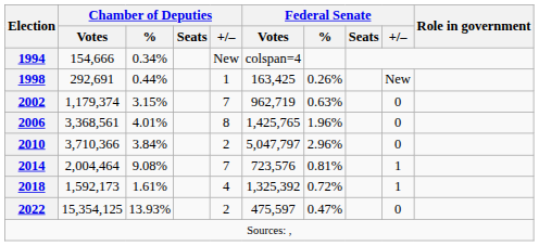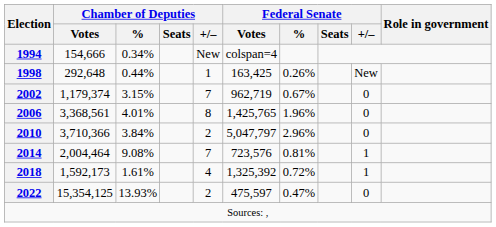 <table class=wikitable style=text-align:center>
 <tr>
 <th rowspan="2">Election</th>
 <th colspan="4"><a href='#'>Chamber of Deputies</a></th>
 <th colspan="4"><a href='#'>Federal Senate</a></th>
 <th rowspan="2"><strong>Role in government</strong></th>
 </tr>
 <tr>
 <th><strong>Votes</strong></th>
 <th><strong>%</strong></th>
 <th><strong>Seats</strong></th>
 <th>+/–</th>
 <th><strong>Votes</strong></th>
 <th><strong>%</strong></th>
 <th><strong>Seats</strong></th>
 <th>+/–</th>
 </tr>
 <tr>
 <th><a href='#'>1994</a></th>
 <td align="center">154,666</td>
 <td align="center">0.34%</td>
 <td style="text-align:center;"></td>
 <td>New</td>
 <td>colspan=4 </td>
 <td></td>
 </tr>
 <tr>
 <th><a href='#'>1998</a></th>
-<td align="center">292,691</td>
+<td align="center">292,648</td>
 <td align="center">0.44%</td>
 <td style="text-align:center;"></td>
 <td> 1</td>
 <td align="center">163,425</td>
 <td align="center">0.26%</td>
 <td style="text-align:center;"></td>
 <td>New</td>
 <td></td>
 </tr>
 <tr>
 <th><a href='#'>2002</a></th>
 <td align="center">1,179,374</td>
 <td align="center">3.15%</td>
 <td style="text-align:center;"></td>
 <td> 7</td>
 <td align="center">962,719</td>
-<td align="center">0.63%</td>
+<td align="center">0.67%</td>
 <td style="text-align:center;"></td>
 <td> 0</td>
 <td></td>
 </tr>
 <tr>
 <th><a href='#'>2006</a></th>
 <td align="center">3,368,561</td>
 <td align="center">4.01%</td>
 <td style="text-align:center;"></td>
 <td> 8</td>
 <td align="center">1,425,765</td>
 <td align="center">1.96%</td>
 <td style="text-align:center;"></td>
 <td> 0</td>
 <td></td>
 </tr>
 <tr>
 <th><a href='#'>2010</a></th>
 <td align="center">3,710,366</td>
 <td align="center">3.84%</td>
 <td style="text-align:center;"></td>
 <td> 2</td>
 <td align="center">5,047,797</td>
 <td align="center">2.96%</td>
 <td style="text-align:center;"></td>
 <td> 0</td>
 <td></td>
 </tr>
 <tr>
 <th><a href='#'>2014</a></th>
 <td align="center">2,004,464</td>
 <td align="center">9.08%</td>
 <td style="text-align:center;"></td>
 <td> 7</td>
 <td align="center">723,576</td>
 <td align="center">0.81%</td>
 <td style="text-align:center;"></td>
 <td> 1</td>
 <td></td>
 </tr>
 <tr>
 <th><a href='#'>2018</a></th>
 <td align="center">1,592,173</td>
 <td align="center">1.61%</td>
 <td style="text-align:center;"></td>
 <td> 4</td>
 <td align="center">1,325,392</td>
 <td align="center">0.72%</td>
 <td style="text-align:center;"></td>
 <td> 1</td>
 <td></td>
 </tr>
 <tr>
 <th><a href='#'>2022</a></th>
 <td align="center">15,354,125</td>
 <td align="center">13.93%</td>
 <td style="text-align:center;"></td>
 <td> 2</td>
 <td align="center">475,597</td>
 <td align="center">0.47%</td>
 <td style="text-align:center;"></td>
 <td> 0</td>
 <td></td>
 </tr>
 <tr>
 <td colspan="10"><small>Sources: , </small></td>
 </tr>
 </table>
